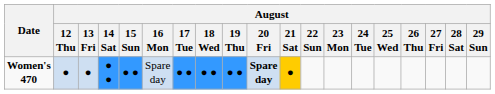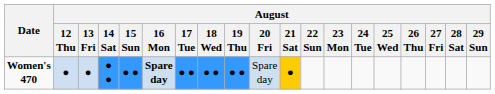 <table class="wikitable" style="margin:0.5em auto; font-size:90%; line-height:1.25em;">
 <tr>
 <th rowspan=2>Date</th>
 <th colspan=18>August</th>
 </tr>
 <tr>
 <th>12<br>Thu</th>
 <th>13<br>Fri</th>
 <th>14<br>Sat</th>
 <th>15<br>Sun</th>
 <th>16<br>Mon</th>
 <th>17<br>Tue</th>
 <th>18<br>Wed</th>
 <th>19<br>Thu</th>
 <th>20<br>Fri</th>
 <th>21<br>Sat</th>
 <th>22<br>Sun</th>
 <th>23<br>Mon</th>
 <th>24<br>Tue</th>
 <th>25<br>Wed</th>
 <th>26<br>Thu</th>
 <th>27<br>Fri</th>
 <th>28<br>Sat</th>
 <th>29<br>Sun</th>
 </tr>
 <tr align="center">
 <td align="center"><strong>Women's 470</strong></td>
 <td bgcolor=#cedff2><span> ● </span></td>
 <td bgcolor=#cedff2><span> ● </span></td>
 <td bgcolor=#3399ff><span> ● ● </span></td>
 <td bgcolor=#3399ff><span> ● ● </span></td>
-<td bgcolor=#cedff2>Spare<br>day</td>
+<td bgcolor=#cedff2><strong>Spare<br>day</strong></td>
 <td bgcolor=#3399ff><span> ● ● </span></td>
 <td bgcolor=#3399ff><span> ● ● </span></td>
 <td bgcolor=#3399ff><span> ● ● </span></td>
-<td bgcolor=#cedff2><strong>Spare<br>day</strong></td>
+<td bgcolor=#cedff2>Spare<br>day</td>
 <td bgcolor=#ffcc00><span> ● </span></td>
 <td></td>
 <td></td>
 <td></td>
 <td></td>
 <td></td>
 <td></td>
 <td></td>
 <td></td>
 </tr>
 </table>
